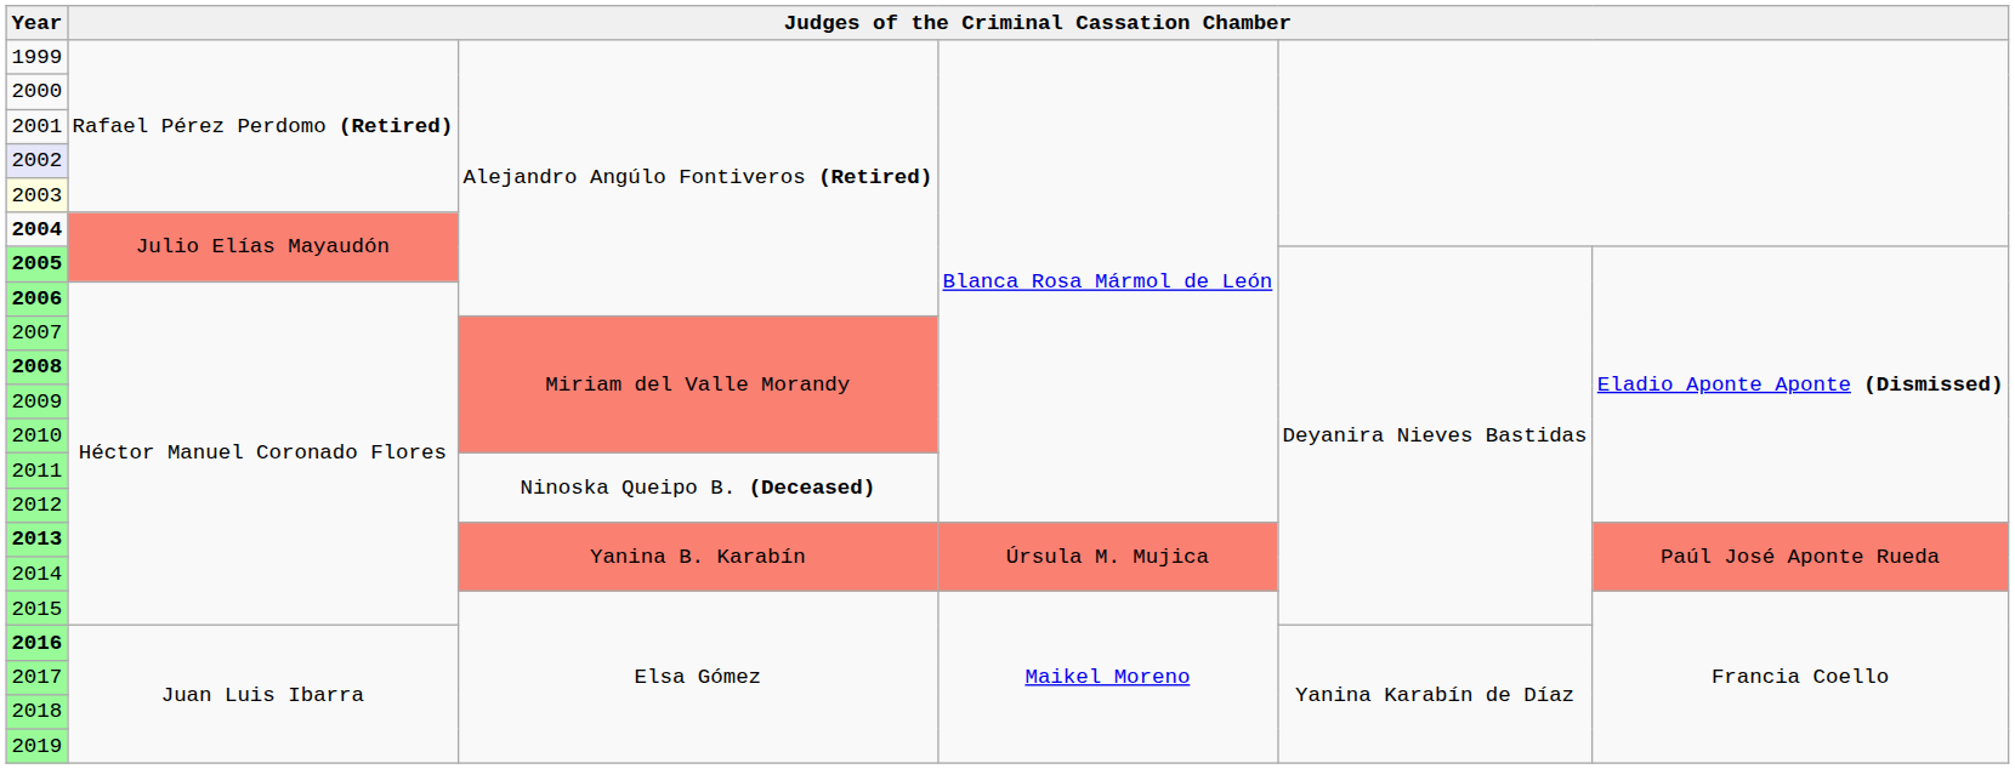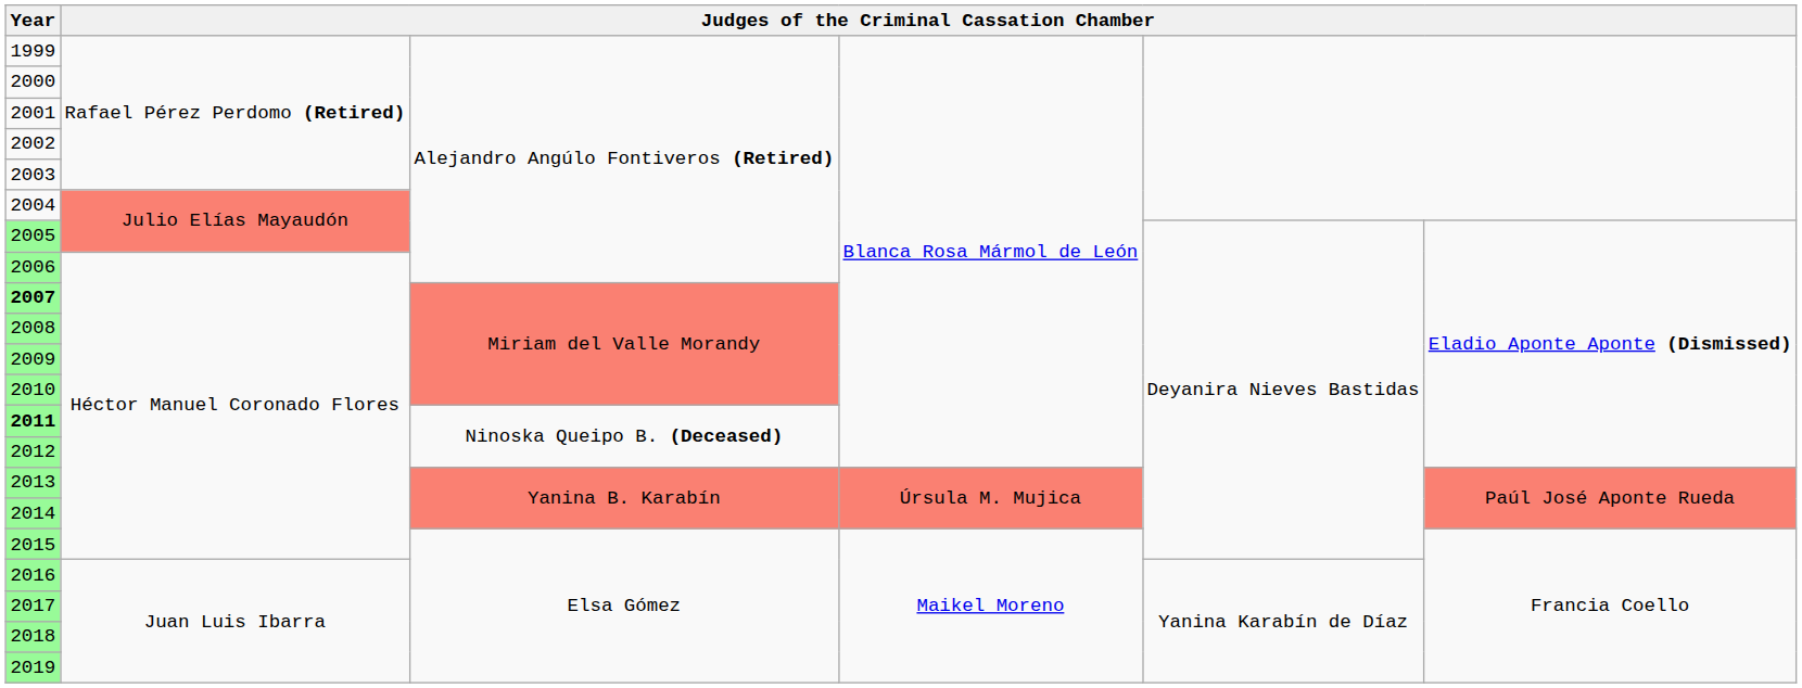 <table class="wikitable" style="margin:1em auto; text-align:center">
 <tr style="text-align:center; background:#f0f0f0;">
 <td><strong>Year</strong></td>
 <td colspan="5"><strong>Judges of the Criminal Cassation Chamber</strong></td>
 </tr>
 <tr>
 <td>1999</td>
 <td rowspan="5">Rafael Pérez Perdomo <strong>(Retired)</strong></td>
 <td rowspan="8">Alejandro Angúlo Fontiveros <strong>(Retired)</strong></td>
 <td rowspan="14"><a href='#'>Blanca Rosa Mármol de León</a></td>
 <td colspan="2" rowspan="6"></td>
 </tr>
 <tr>
 <td>2000</td>
 </tr>
 <tr>
 <td>2001</td>
 </tr>
 <tr>
-<td style="background: lavender;">2002</td>
+<td>2002</td>
 </tr>
 <tr>
-<td style="background: lightyellow;">2003</td>
+<td>2003</td>
 </tr>
 <tr>
-<td><strong>2004</strong></td>
+<td>2004</td>
 <td style="background:salmon;" rowspan="2">Julio Elías Mayaudón</td>
 </tr>
 <tr>
-<td style="background:#98fb98; text-align:center;"><strong>2005</strong></td>
+<td style="background:#98fb98; text-align:center;">2005</td>
 <td rowspan="11">Deyanira Nieves Bastidas</td>
 <td rowspan="8"><a href='#'>Eladio Aponte Aponte</a> <strong>(Dismissed)</strong></td>
 </tr>
 <tr>
-<td style="background:#98fb98; text-align:center;"><strong>2006</strong></td>
+<td style="background:#98fb98; text-align:center;">2006</td>
 <td rowspan="10">Héctor Manuel Coronado Flores</td>
 </tr>
 <tr>
-<td style="background:#98fb98; text-align:center;">2007</td>
+<td style="background:#98fb98; text-align:center;"><strong>2007</strong></td>
 <td style="background:salmon;" rowspan="4">Miriam del Valle Morandy</td>
 </tr>
 <tr>
-<td style="background:#98fb98; text-align:center;"><strong>2008</strong></td>
+<td style="background:#98fb98; text-align:center;">2008</td>
 </tr>
 <tr>
 <td style="background:#98fb98; text-align:center;">2009</td>
 </tr>
 <tr>
 <td style="background:#98fb98; text-align:center;">2010</td>
 </tr>
 <tr>
-<td style="background:#98fb98; text-align:center;">2011</td>
+<td style="background:#98fb98; text-align:center;"><strong>2011</strong></td>
 <td rowspan="2">Ninoska Queipo B. <strong>(Deceased)</strong></td>
 </tr>
 <tr>
 <td style="background:#98fb98; text-align:center;">2012</td>
 </tr>
 <tr>
-<td style="background:#98fb98; text-align:center;"><strong>2013</strong></td>
+<td style="background:#98fb98; text-align:center;">2013</td>
 <td style="background:salmon;" rowspan="2">Yanina B.  Karabín</td>
 <td style="background:salmon;" rowspan="2">Úrsula M. Mujica</td>
 <td style="background:salmon;" rowspan="2">Paúl José Aponte Rueda</td>
 </tr>
 <tr>
 <td style="background:#98fb98; text-align:center;">2014</td>
 </tr>
 <tr>
 <td style="background:#98fb98; text-align:center;">2015</td>
 <td rowspan="5">Elsa Gómez</td>
 <td rowspan="5"><a href='#'>Maikel Moreno</a></td>
 <td rowspan="5">Francia Coello</td>
 </tr>
 <tr>
-<td style="background:#98fb98; text-align:center;"><strong>2016</strong></td>
+<td style="background:#98fb98; text-align:center;">2016</td>
 <td rowspan="4">Juan Luis Ibarra</td>
 <td rowspan="4">Yanina Karabín de Díaz</td>
 </tr>
 <tr>
 <td style="background:#98fb98; text-align:center;">2017</td>
 </tr>
 <tr>
 <td style="background:#98fb98; text-align:center;">2018</td>
 </tr>
 <tr>
 <td style="background:#98fb98; text-align:center;">2019</td>
 </tr>
 </table>
